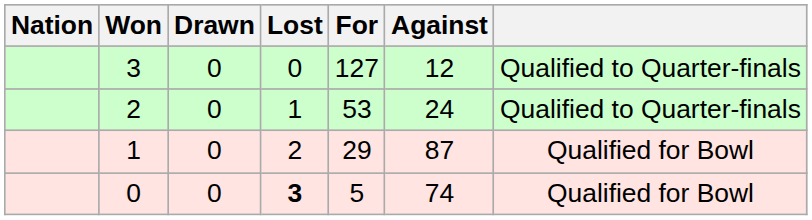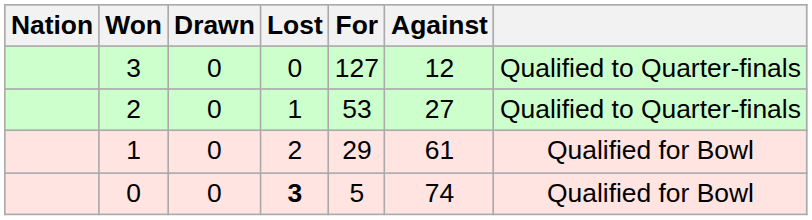 <table class="wikitable" style="text-align: center;">
 <tr>
 <th>Nation</th>
 <th>Won</th>
 <th>Drawn</th>
 <th>Lost</th>
 <th>For</th>
 <th>Against</th>
 <th></th>
 </tr>
 <tr bgcolor="#ccffcc">
 <td align="left"></td>
 <td>3</td>
 <td>0</td>
 <td>0</td>
 <td>127</td>
 <td>12</td>
 <td>Qualified to Quarter-finals</td>
 </tr>
 <tr bgcolor="#ccffcc">
 <td align="left"></td>
 <td>2</td>
 <td>0</td>
 <td>1</td>
 <td>53</td>
-<td>24</td>
+<td>27</td>
 <td>Qualified to Quarter-finals</td>
 </tr>
 <tr bgcolor="FFE4E1">
 <td align="left"></td>
 <td>1</td>
 <td>0</td>
 <td>2</td>
 <td>29</td>
-<td>87</td>
+<td>61</td>
 <td>Qualified for Bowl</td>
 </tr>
 <tr bgcolor="FFE4E1">
 <td align="left"></td>
 <td>0</td>
 <td>0</td>
 <td><strong>3</strong></td>
 <td>5</td>
 <td>74</td>
 <td>Qualified for Bowl</td>
 </tr>
 </table>
